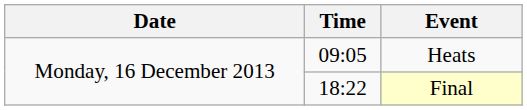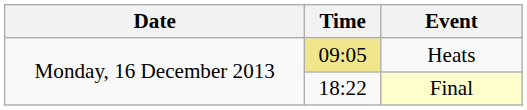 <table class = "wikitable" style="text-align:center;">
 <tr>
 <th width=220>Date</th>
 <th width=50>Time</th>
 <th width=100>Event</th>
 </tr>
 <tr>
 <td rowspan=2>Monday, 16 December 2013</td>
-<td>09:05</td>
+<td style="background: khaki;">09:05</td>
 <td>Heats</td>
 </tr>
 <tr>
 <td>18:22</td>
 <td bgcolor=ffffcc>Final</td>
 </tr>
 </table>
